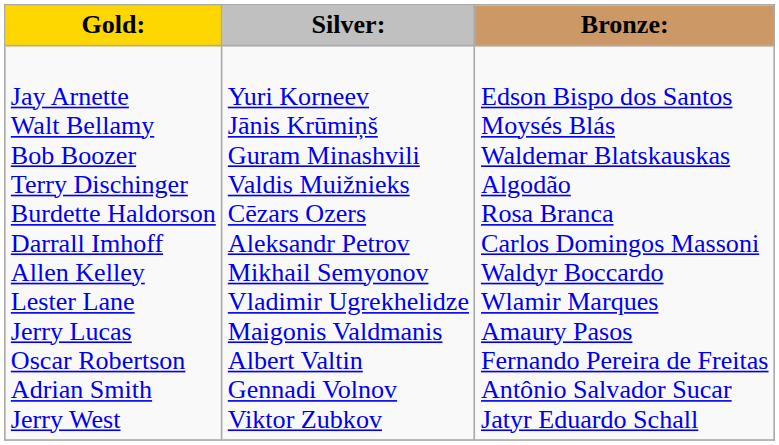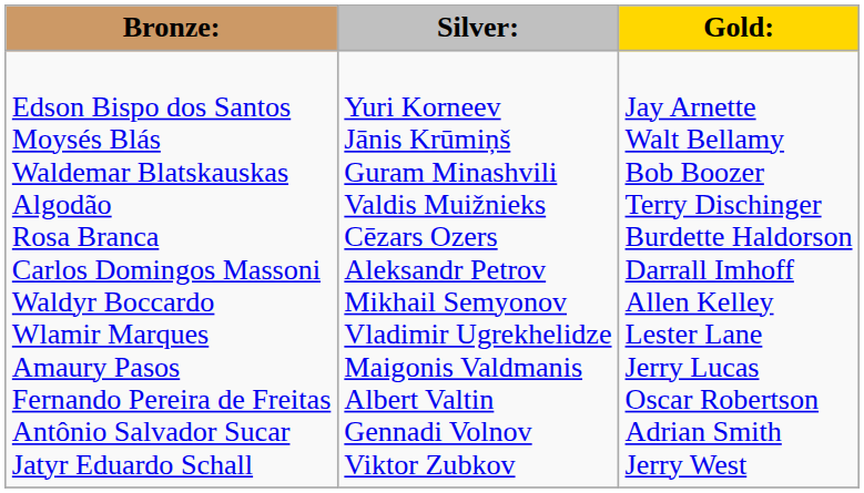 <table class="wikitable">
 <tr>
+<td style="text-align:center;background-color:#CC9966;"><strong>Bronze:</strong></td>
+<td style="text-align:center;background-color:silver;"><strong>Silver:</strong></td>
 <td style="text-align:center;background-color:gold;"><strong>Gold:</strong></td>
-<td style="text-align:center;background-color:silver;"><strong>Silver:</strong></td>
-<td style="text-align:center;background-color:#CC9966;"><strong>Bronze:</strong></td>
 </tr>
 <tr valign=top>
+<td> <br><a href='#'>Edson Bispo dos Santos</a><br><a href='#'>Moysés Blás</a><br><a href='#'>Waldemar Blatskauskas</a><br><a href='#'>Algodão</a><br><a href='#'>Rosa Branca</a><br><a href='#'>Carlos Domingos Massoni</a><br><a href='#'>Waldyr Boccardo</a><br><a href='#'>Wlamir Marques</a><br><a href='#'>Amaury Pasos</a><br><a href='#'>Fernando Pereira de Freitas</a><br><a href='#'>Antônio Salvador Sucar</a><br><a href='#'>Jatyr Eduardo Schall</a></td>
+<td> <br><a href='#'>Yuri Korneev</a><br><a href='#'>Jānis Krūmiņš</a><br><a href='#'>Guram Minashvili</a><br><a href='#'>Valdis Muižnieks</a><br><a href='#'>Cēzars Ozers</a><br><a href='#'>Aleksandr Petrov</a><br><a href='#'>Mikhail Semyonov</a><br><a href='#'>Vladimir Ugrekhelidze</a><br><a href='#'>Maigonis Valdmanis</a><br><a href='#'>Albert Valtin</a><br><a href='#'>Gennadi Volnov</a><br><a href='#'>Viktor Zubkov</a></td>
 <td> <br><a href='#'>Jay Arnette</a><br><a href='#'>Walt Bellamy</a><br><a href='#'>Bob Boozer</a><br><a href='#'>Terry Dischinger</a><br><a href='#'>Burdette Haldorson</a><br><a href='#'>Darrall Imhoff</a><br><a href='#'>Allen Kelley</a><br><a href='#'>Lester Lane</a><br><a href='#'>Jerry Lucas</a><br><a href='#'>Oscar Robertson</a><br><a href='#'>Adrian Smith</a><br><a href='#'>Jerry West</a></td>
-<td> <br><a href='#'>Yuri Korneev</a><br><a href='#'>Jānis Krūmiņš</a><br><a href='#'>Guram Minashvili</a><br><a href='#'>Valdis Muižnieks</a><br><a href='#'>Cēzars Ozers</a><br><a href='#'>Aleksandr Petrov</a><br><a href='#'>Mikhail Semyonov</a><br><a href='#'>Vladimir Ugrekhelidze</a><br><a href='#'>Maigonis Valdmanis</a><br><a href='#'>Albert Valtin</a><br><a href='#'>Gennadi Volnov</a><br><a href='#'>Viktor Zubkov</a></td>
-<td> <br><a href='#'>Edson Bispo dos Santos</a><br><a href='#'>Moysés Blás</a><br><a href='#'>Waldemar Blatskauskas</a><br><a href='#'>Algodão</a><br><a href='#'>Rosa Branca</a><br><a href='#'>Carlos Domingos Massoni</a><br><a href='#'>Waldyr Boccardo</a><br><a href='#'>Wlamir Marques</a><br><a href='#'>Amaury Pasos</a><br><a href='#'>Fernando Pereira de Freitas</a><br><a href='#'>Antônio Salvador Sucar</a><br><a href='#'>Jatyr Eduardo Schall</a></td>
 </tr>
 </table>
